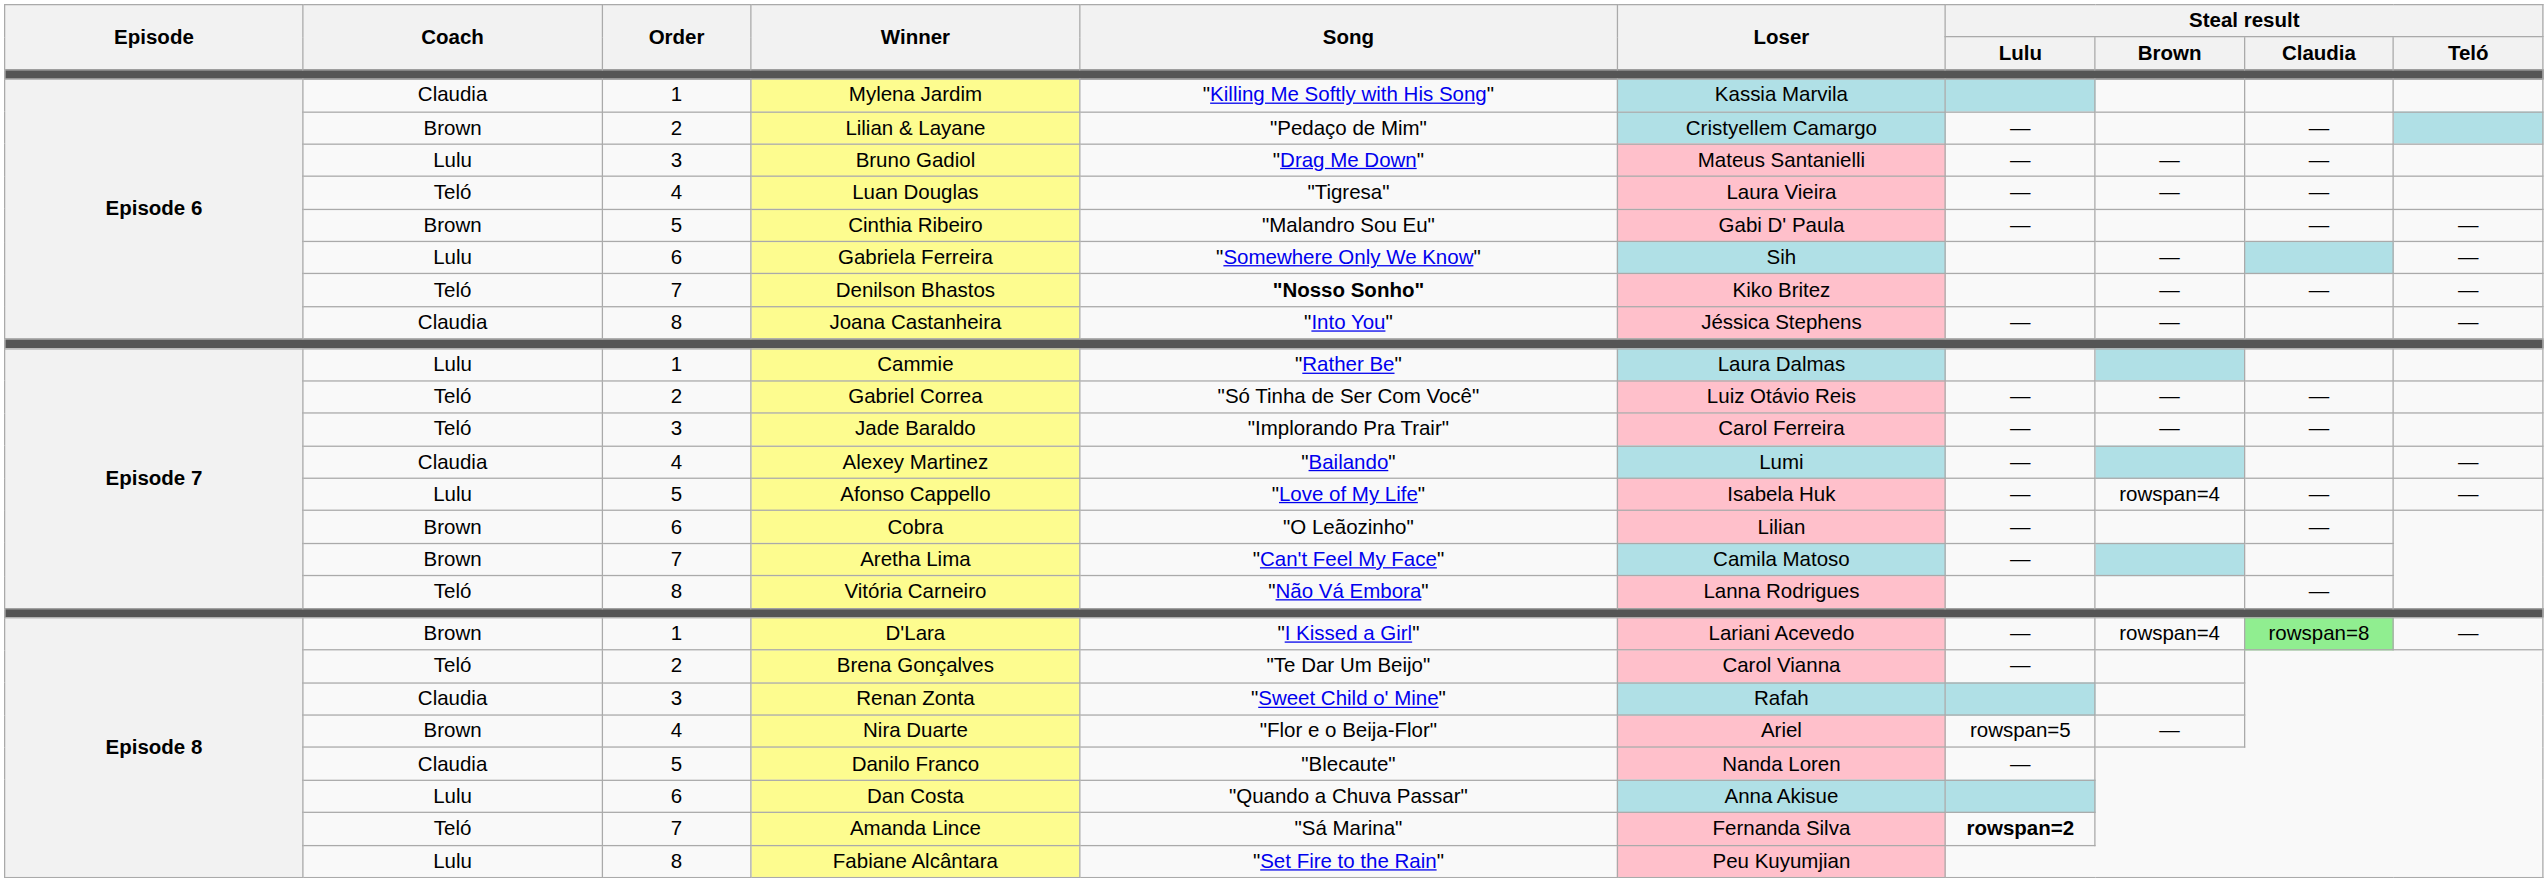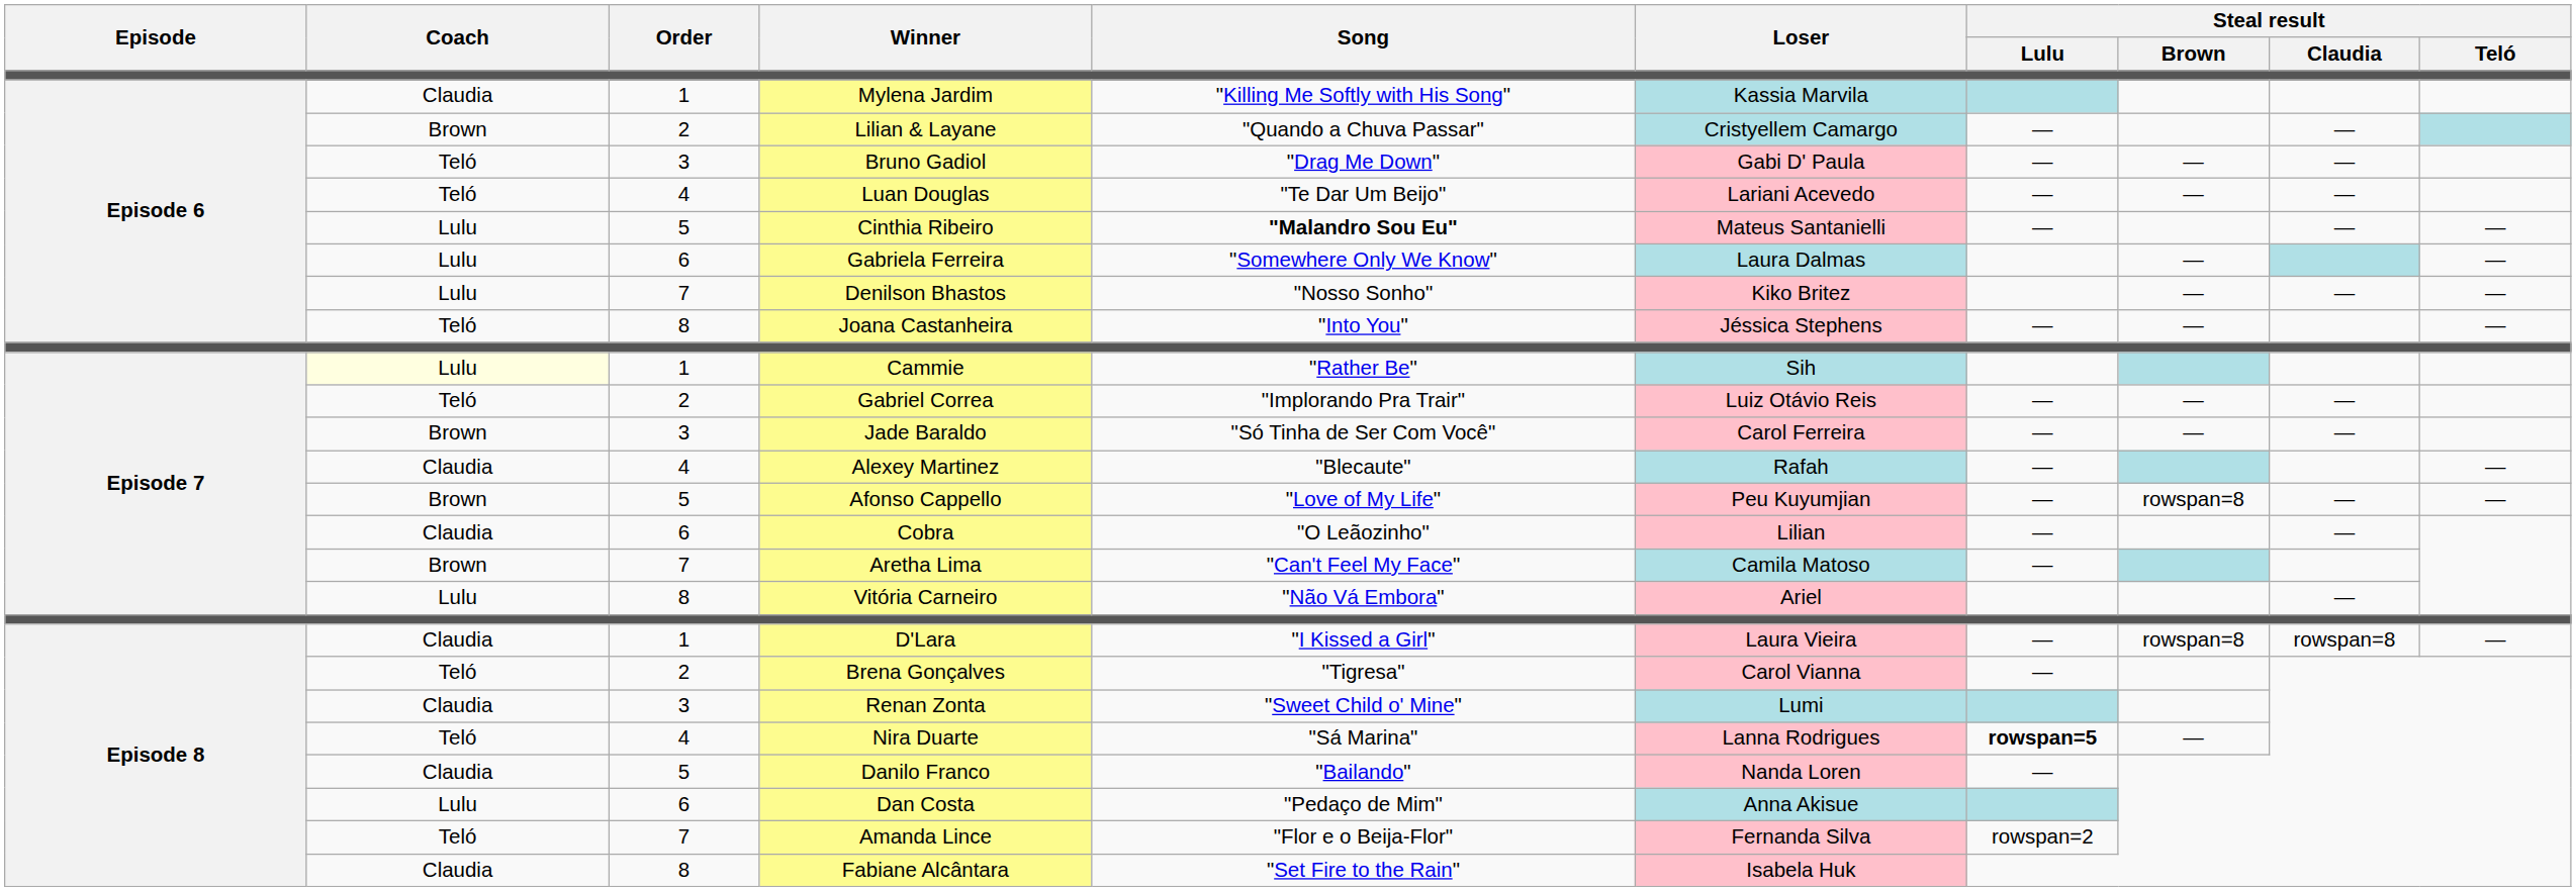 <table class="wikitable" style="text-align:center; width:100%;">
 <tr>
 <th scope="col" width="10%" rowspan=2>Episode</th>
 <th scope="col" width="10%" rowspan=2>Coach</th>
 <th scope="col" width="05%" rowspan=2>Order</th>
 <th scope="col" width="11%" rowspan=2>Winner</th>
 <th scope="col" width="18%" rowspan=2>Song</th>
 <th scope="col" width="11%" rowspan=2>Loser</th>
 <th scope="col" width="20%" colspan=4>Steal result</th>
 </tr>
 <tr>
 <th scope="col" width="05%">Lulu</th>
 <th scope="col" width="05%">Brown</th>
 <th scope="col" width="05%">Claudia</th>
 <th scope="col" width="05%">Teló</th>
 </tr>
 <tr>
 <td colspan="10" style="background:#555;"></td>
 </tr>
 <tr>
 <th rowspan=8>Episode 6<br></th>
 <td>Claudia</td>
 <td>1</td>
 <td bgcolor="FDFC8F">Mylena Jardim</td>
 <td>"<a href='#'>Killing Me Softly with His Song</a>"</td>
 <td bgcolor="B0E0E6">Kassia Marvila</td>
 <td bgcolor="B0E0E6"><strong></strong></td>
 <td><strong></strong></td>
 <td></td>
 <td><strong></strong></td>
 </tr>
 <tr>
 <td>Brown</td>
 <td>2</td>
 <td bgcolor="FDFC8F">Lilian & Layane</td>
-<td>"Pedaço de Mim"</td>
+<td>"Quando a Chuva Passar"</td>
 <td bgcolor="B0E0E6">Cristyellem Camargo</td>
 <td>—</td>
 <td></td>
 <td>—</td>
 <td bgcolor="B0E0E6"><strong></strong></td>
 </tr>
 <tr>
-<td>Lulu</td>
+<td>Teló</td>
 <td>3</td>
 <td bgcolor="FDFC8F">Bruno Gadiol</td>
 <td>"<a href='#'>Drag Me Down</a>"</td>
-<td bgcolor="FFC0CB">Mateus Santanielli</td>
+<td bgcolor="FFC0CB">Gabi D' Paula</td>
 <td>—</td>
 <td>—</td>
 <td>—</td>
 <td></td>
 </tr>
 <tr>
 <td>Teló</td>
 <td>4</td>
 <td bgcolor="FDFC8F">Luan Douglas</td>
-<td>"Tigresa"</td>
-<td bgcolor="FFC0CB">Laura Vieira</td>
+<td>"Te Dar Um Beijo"</td>
+<td bgcolor="FFC0CB">Lariani Acevedo</td>
 <td>—</td>
 <td>—</td>
 <td>—</td>
 <td></td>
 </tr>
 <tr>
-<td>Brown</td>
+<td>Lulu</td>
 <td>5</td>
 <td bgcolor="FDFC8F">Cinthia Ribeiro</td>
-<td>"Malandro Sou Eu"</td>
-<td bgcolor="FFC0CB">Gabi D' Paula</td>
+<td><strong>"Malandro Sou Eu"</strong></td>
+<td bgcolor="FFC0CB">Mateus Santanielli</td>
 <td>—</td>
 <td></td>
 <td>—</td>
 <td>—</td>
 </tr>
 <tr>
 <td>Lulu</td>
 <td>6</td>
 <td bgcolor="FDFC8F">Gabriela Ferreira</td>
 <td>"<a href='#'>Somewhere Only We Know</a>"</td>
-<td bgcolor="B0E0E6">Sih</td>
+<td bgcolor="B0E0E6">Laura Dalmas</td>
 <td></td>
 <td>—</td>
 <td bgcolor="B0E0E6"><strong></strong></td>
 <td>—</td>
 </tr>
 <tr>
-<td>Teló</td>
+<td>Lulu</td>
 <td>7</td>
 <td bgcolor="FDFC8F">Denilson Bhastos</td>
-<td><strong>"Nosso Sonho"</strong></td>
+<td>"Nosso Sonho"</td>
 <td bgcolor="FFC0CB">Kiko Britez</td>
 <td></td>
 <td>—</td>
 <td>—</td>
 <td>—</td>
 </tr>
 <tr>
-<td>Claudia</td>
+<td>Teló</td>
 <td>8</td>
 <td bgcolor="FDFC8F">Joana Castanheira</td>
 <td>"<a href='#'>Into You</a>"</td>
 <td bgcolor="FFC0CB">Jéssica Stephens</td>
 <td>—</td>
 <td>—</td>
 <td></td>
 <td>—</td>
 </tr>
 <tr>
 <td colspan="10" style="background:#555;"></td>
 </tr>
 <tr>
 <th rowspan=8>Episode 7<br></th>
-<td>Lulu</td>
+<td style="background: lightyellow;">Lulu</td>
 <td>1</td>
 <td bgcolor="FDFC8F">Cammie</td>
 <td>"<a href='#'>Rather Be</a>"</td>
-<td bgcolor="B0E0E6">Laura Dalmas</td>
+<td bgcolor="B0E0E6">Sih</td>
 <td></td>
 <td bgcolor="B0E0E6"><strong></strong></td>
 <td><strong></strong></td>
 <td><strong></strong></td>
 </tr>
 <tr>
 <td>Teló</td>
 <td>2</td>
 <td bgcolor="FDFC8F">Gabriel Correa</td>
-<td>"Só Tinha de Ser Com Você"</td>
+<td>"Implorando Pra Trair"</td>
 <td bgcolor="FFC0CB">Luiz Otávio Reis</td>
 <td>—</td>
 <td>—</td>
 <td>—</td>
 <td></td>
 </tr>
 <tr>
-<td>Teló</td>
+<td>Brown</td>
 <td>3</td>
 <td bgcolor="FDFC8F">Jade Baraldo</td>
-<td>"Implorando Pra Trair"</td>
+<td>"Só Tinha de Ser Com Você"</td>
 <td bgcolor="FFC0CB">Carol Ferreira</td>
 <td>—</td>
 <td>—</td>
 <td>—</td>
 <td></td>
 </tr>
 <tr>
 <td>Claudia</td>
 <td>4</td>
 <td bgcolor="FDFC8F">Alexey Martinez</td>
-<td>"<a href='#'>Bailando</a>"</td>
-<td bgcolor="B0E0E6">Lumi</td>
+<td>"Blecaute"</td>
+<td bgcolor="B0E0E6">Rafah</td>
 <td>—</td>
 <td bgcolor="B0E0E6"><strong></strong></td>
 <td></td>
 <td>—</td>
 </tr>
 <tr>
-<td>Lulu</td>
+<td>Brown</td>
 <td>5</td>
 <td bgcolor="FDFC8F">Afonso Cappello</td>
 <td>"<a href='#'>Love of My Life</a>"</td>
-<td bgcolor="FFC0CB">Isabela Huk</td>
+<td bgcolor="FFC0CB">Peu Kuyumjian</td>
 <td>—</td>
-<td>rowspan=4 </td>
+<td>rowspan=8 </td>
 <td>—</td>
 <td>—</td>
 </tr>
 <tr>
-<td>Brown</td>
+<td>Claudia</td>
 <td>6</td>
 <td bgcolor="FDFC8F">Cobra</td>
 <td>"O Leãozinho"</td>
 <td bgcolor="FFC0CB">Lilian</td>
 <td>—</td>
 <td></td>
 <td>—</td>
 </tr>
 <tr>
 <td>Brown</td>
 <td>7</td>
 <td bgcolor="FDFC8F">Aretha Lima</td>
 <td>"<a href='#'>Can't Feel My Face</a>"</td>
 <td bgcolor="B0E0E6">Camila Matoso</td>
 <td>—</td>
 <td bgcolor="B0E0E6"><strong></strong></td>
 <td><strong></strong></td>
 </tr>
 <tr>
-<td>Teló</td>
+<td>Lulu</td>
 <td>8</td>
 <td bgcolor="FDFC8F">Vitória Carneiro</td>
 <td>"<a href='#'>Não Vá Embora</a>"</td>
-<td bgcolor="FFC0CB">Lanna Rodrigues</td>
+<td bgcolor="FFC0CB">Ariel</td>
 <td></td>
 <td></td>
 <td>—</td>
 </tr>
 <tr>
 <td colspan="10" style="background:#555;"></td>
 </tr>
 <tr>
 <th rowspan=8>Episode 8<br></th>
-<td>Brown</td>
+<td>Claudia</td>
 <td>1</td>
 <td bgcolor="FDFC8F">D'Lara</td>
 <td>"<a href='#'>I Kissed a Girl</a>"</td>
-<td bgcolor="FFC0CB">Lariani Acevedo</td>
+<td bgcolor="FFC0CB">Laura Vieira</td>
 <td>—</td>
-<td>rowspan=4 </td>
-<td style="background: lightgreen;">rowspan=8 </td>
+<td>rowspan=8 </td>
+<td>rowspan=8 </td>
 <td>—</td>
 </tr>
 <tr>
 <td>Teló</td>
 <td>2</td>
 <td bgcolor="FDFC8F">Brena Gonçalves</td>
-<td>"Te Dar Um Beijo"</td>
+<td>"Tigresa"</td>
 <td bgcolor="FFC0CB">Carol Vianna</td>
 <td>—</td>
 <td></td>
 </tr>
 <tr>
 <td>Claudia</td>
 <td>3</td>
 <td bgcolor="FDFC8F">Renan Zonta</td>
 <td>"<a href='#'>Sweet Child o' Mine</a>"</td>
-<td bgcolor="B0E0E6">Rafah</td>
+<td bgcolor="B0E0E6">Lumi</td>
 <td bgcolor="B0E0E6"><strong></strong></td>
 <td><strong></strong></td>
 </tr>
 <tr>
-<td>Brown</td>
+<td>Teló</td>
 <td>4</td>
 <td bgcolor="FDFC8F">Nira Duarte</td>
-<td>"Flor e o Beija-Flor"</td>
-<td bgcolor="FFC0CB">Ariel</td>
-<td>rowspan=5 </td>
+<td>"Sá Marina"</td>
+<td bgcolor="FFC0CB">Lanna Rodrigues</td>
+<td><strong>rowspan=5 </strong></td>
 <td>—</td>
 </tr>
 <tr>
 <td>Claudia</td>
 <td>5</td>
 <td bgcolor="FDFC8F">Danilo Franco</td>
-<td>"Blecaute"</td>
+<td>"<a href='#'>Bailando</a>"</td>
 <td bgcolor="FFC0CB">Nanda Loren</td>
 <td>—</td>
 </tr>
 <tr>
 <td>Lulu</td>
 <td>6</td>
 <td bgcolor="FDFC8F">Dan Costa</td>
-<td>"Quando a Chuva Passar"</td>
+<td>"Pedaço de Mim"</td>
 <td bgcolor="B0E0E6">Anna Akisue</td>
 <td bgcolor="B0E0E6"><strong></strong></td>
 </tr>
 <tr>
 <td>Teló</td>
 <td>7</td>
 <td bgcolor="FDFC8F">Amanda Lince</td>
-<td>"Sá Marina"</td>
+<td>"Flor e o Beija-Flor"</td>
 <td bgcolor="FFC0CB">Fernanda Silva</td>
-<td><strong>rowspan=2 </strong></td>
+<td>rowspan=2 </td>
 </tr>
 <tr>
-<td>Lulu</td>
+<td>Claudia</td>
 <td>8</td>
 <td bgcolor="FDFC8F">Fabiane Alcântara</td>
 <td>"<a href='#'>Set Fire to the Rain</a>"</td>
-<td bgcolor="FFC0CB">Peu Kuyumjian</td>
+<td bgcolor="FFC0CB">Isabela Huk</td>
 </tr>
 </table>
